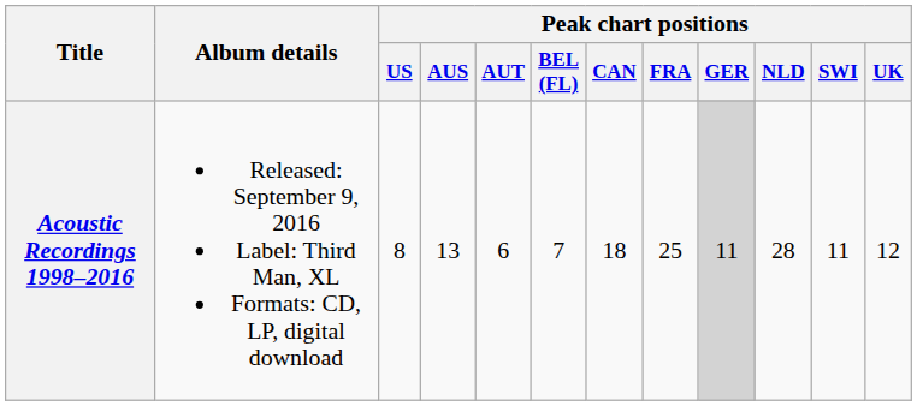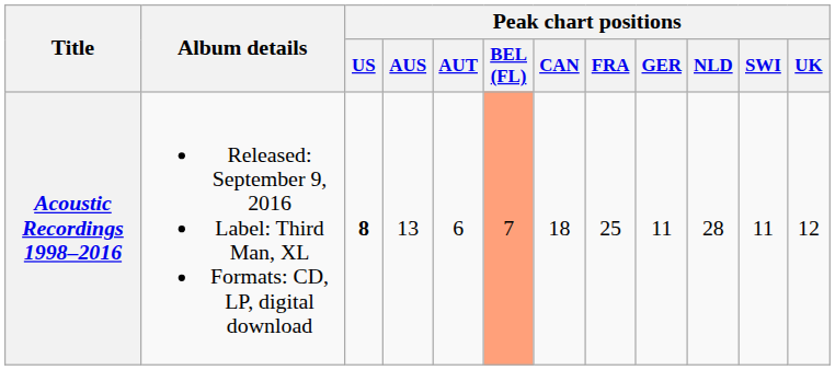 <table class="wikitable plainrowheaders" style="text-align:center;">
 <tr>
 <th scope="col" rowspan="2" style="width:10em;">Title</th>
 <th scope="col" rowspan="2" style="width:17em;">Album details</th>
 <th scope="col" colspan="10">Peak chart positions</th>
 </tr>
 <tr>
 <th style="width:3em;font-size:85%"><a href='#'>US</a><br></th>
 <th style="width:3em;font-size:85%"><a href='#'>AUS</a><br></th>
 <th style="width:3em;font-size:85%"><a href='#'>AUT</a><br></th>
 <th style="width:3em;font-size:85%"><a href='#'>BEL<br>(FL)</a><br></th>
 <th style="width:3em;font-size:85%"><a href='#'>CAN</a><br></th>
 <th style="width:3em;font-size:85%"><a href='#'>FRA</a><br></th>
 <th style="width:3em;font-size:85%"><a href='#'>GER</a><br></th>
 <th style="width:3em;font-size:85%"><a href='#'>NLD</a><br></th>
 <th style="width:3em;font-size:85%"><a href='#'>SWI</a><br></th>
 <th style="width:3em;font-size:85%"><a href='#'>UK</a><br></th>
 </tr>
 <tr>
 <th scope="row"><em><a href='#'>Acoustic Recordings 1998–2016</a></em></th>
 <td><br><ul><li>Released: September 9, 2016</li><li>Label: Third Man, XL</li><li>Formats: CD, LP, digital download</li></ul></td>
-<td>8</td>
+<td><strong>8</strong></td>
 <td>13</td>
 <td>6</td>
-<td>7</td>
+<td style="background: lightsalmon;">7</td>
 <td>18</td>
 <td>25</td>
-<td style="background: lightgrey;">11</td>
+<td>11</td>
 <td>28</td>
 <td>11</td>
 <td>12</td>
 </tr>
 </table>
